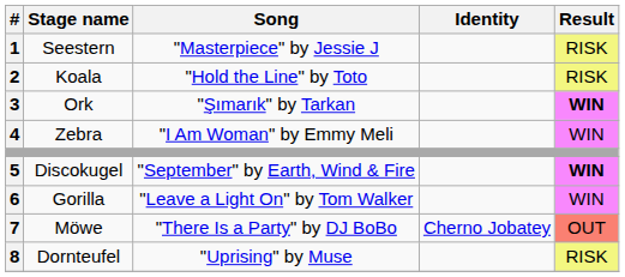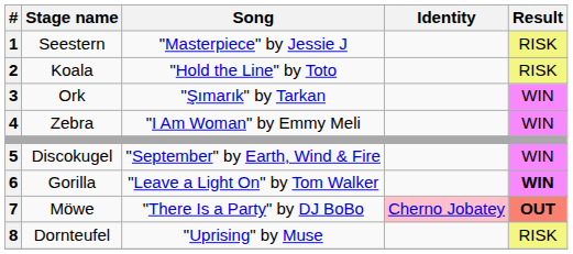 <table class="wikitable plainrowheaders" style="text-align: center;">
 <tr>
 <th>#</th>
 <th>Stage name</th>
 <th>Song</th>
 <th>Identity</th>
 <th>Result</th>
 </tr>
 <tr>
 <th>1</th>
 <td>Seestern</td>
 <td>"<a href='#'>Masterpiece</a>" by <a href='#'>Jessie J</a></td>
 <td></td>
 <td bgcolor="F3F781">RISK</td>
 </tr>
 <tr>
 <th>2</th>
 <td>Koala</td>
 <td>"<a href='#'>Hold the Line</a>" by <a href='#'>Toto</a></td>
 <td></td>
 <td bgcolor="F3F781">RISK</td>
 </tr>
 <tr>
 <th>3</th>
 <td>Ork</td>
 <td>"<a href='#'>Şımarık</a>" by <a href='#'>Tarkan</a></td>
 <td></td>
-<td bgcolor="F888FD"><strong>WIN</strong></td>
+<td bgcolor="F888FD">WIN</td>
 </tr>
 <tr>
 <th>4</th>
 <td>Zebra</td>
 <td>"<a href='#'>I Am Woman</a>" by Emmy Meli</td>
 <td></td>
 <td bgcolor="F888FD">WIN</td>
 </tr>
 <tr>
 <td colspan="5" style="background:darkgray"></td>
 </tr>
 <tr>
 <th>5</th>
 <td>Discokugel</td>
 <td>"<a href='#'>September</a>" by <a href='#'>Earth, Wind & Fire</a></td>
 <td></td>
-<td bgcolor="F888FD"><strong>WIN</strong></td>
+<td bgcolor="F888FD">WIN</td>
 </tr>
 <tr>
 <th>6</th>
 <td>Gorilla</td>
 <td>"<a href='#'>Leave a Light On</a>" by <a href='#'>Tom Walker</a></td>
 <td></td>
-<td bgcolor="F888FD">WIN</td>
+<td bgcolor="F888FD"><strong>WIN</strong></td>
 </tr>
 <tr>
 <th>7</th>
 <td>Möwe</td>
 <td>"<a href='#'>There Is a Party</a>" by <a href='#'>DJ BoBo</a></td>
-<td><a href='#'>Cherno Jobatey</a></td>
-<td bgcolor=salmon>OUT</td>
+<td style="background: pink;"><a href='#'>Cherno Jobatey</a></td>
+<td bgcolor=salmon><strong>OUT</strong></td>
 </tr>
 <tr>
 <th>8</th>
 <td>Dornteufel</td>
 <td>"<a href='#'>Uprising</a>" by <a href='#'>Muse</a></td>
 <td></td>
 <td bgcolor="F3F781">RISK</td>
 </tr>
 <tr>
 </tr>
 </table>
